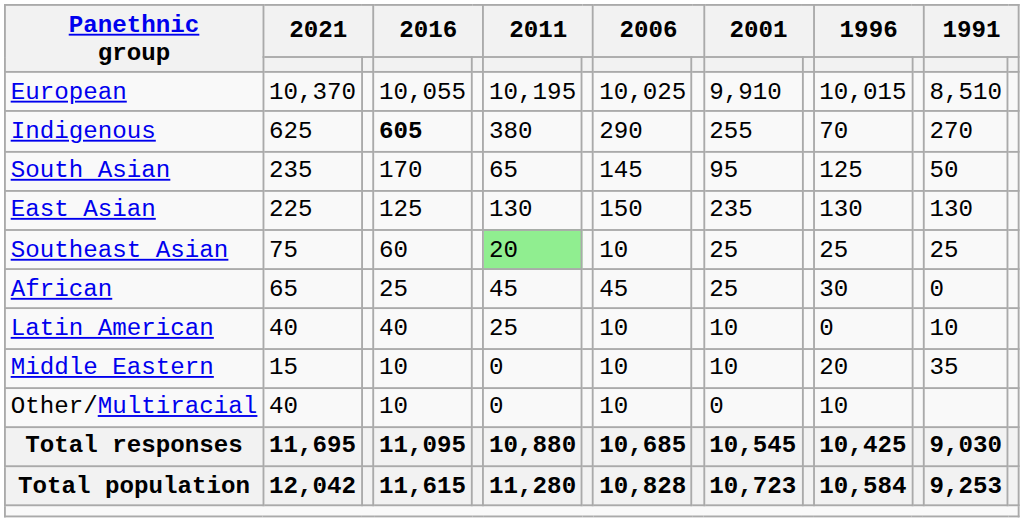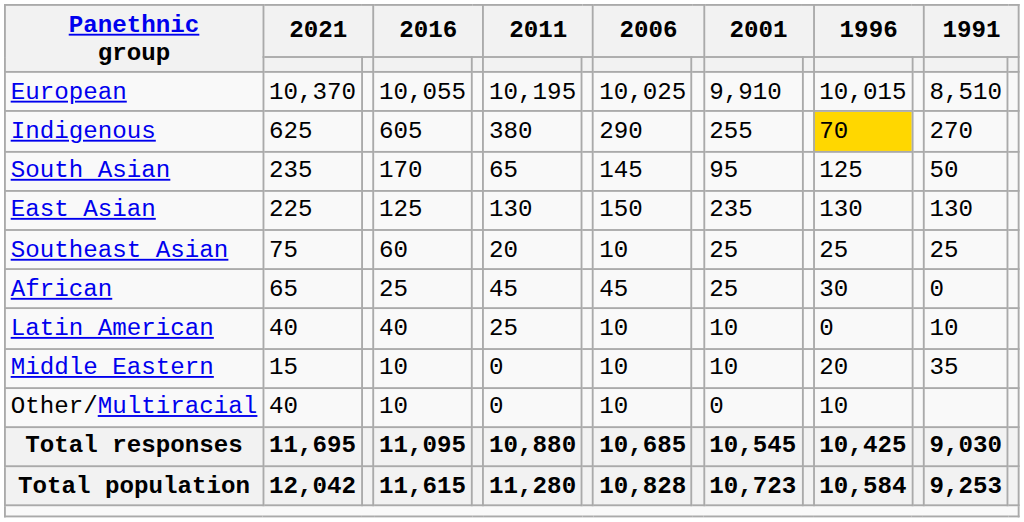 <table class="wikitable collapsible sortable">
 <tr>
 <th rowspan="2"><a href='#'>Panethnic</a><br>group</th>
 <th colspan="2">2021</th>
 <th colspan="2">2016</th>
 <th colspan="2">2011</th>
 <th colspan="2">2006</th>
 <th colspan="2">2001</th>
 <th colspan="2">1996</th>
 <th colspan="2">1991</th>
 </tr>
 <tr>
 <th><a href='#'></a></th>
 <th></th>
 <th></th>
 <th></th>
 <th></th>
 <th></th>
 <th></th>
 <th></th>
 <th></th>
 <th></th>
 <th></th>
 <th></th>
 <th></th>
 <th></th>
 </tr>
 <tr>
 <td><a href='#'>European</a></td>
 <td>10,370</td>
 <td></td>
 <td>10,055</td>
 <td></td>
 <td>10,195</td>
 <td></td>
 <td>10,025</td>
 <td></td>
 <td>9,910</td>
 <td></td>
 <td>10,015</td>
 <td></td>
 <td>8,510</td>
 <td></td>
 </tr>
 <tr>
 <td><a href='#'>Indigenous</a></td>
 <td>625</td>
 <td></td>
-<td><strong>605</strong></td>
+<td>605</td>
 <td></td>
 <td>380</td>
 <td></td>
 <td>290</td>
 <td></td>
 <td>255</td>
 <td></td>
-<td>70</td>
+<td style="background: gold;">70</td>
 <td></td>
 <td>270</td>
 <td></td>
 </tr>
 <tr>
 <td><a href='#'>South Asian</a></td>
 <td>235</td>
 <td></td>
 <td>170</td>
 <td></td>
 <td>65</td>
 <td></td>
 <td>145</td>
 <td></td>
 <td>95</td>
 <td></td>
 <td>125</td>
 <td></td>
 <td>50</td>
 <td></td>
 </tr>
 <tr>
 <td><a href='#'>East Asian</a></td>
 <td>225</td>
 <td></td>
 <td>125</td>
 <td></td>
 <td>130</td>
 <td></td>
 <td>150</td>
 <td></td>
 <td>235</td>
 <td></td>
 <td>130</td>
 <td></td>
 <td>130</td>
 <td></td>
 </tr>
 <tr>
 <td><a href='#'>Southeast Asian</a></td>
 <td>75</td>
 <td></td>
 <td>60</td>
 <td></td>
-<td style="background: lightgreen;">20</td>
+<td>20</td>
 <td></td>
 <td>10</td>
 <td></td>
 <td>25</td>
 <td></td>
 <td>25</td>
 <td></td>
 <td>25</td>
 <td></td>
 </tr>
 <tr>
 <td><a href='#'>African</a></td>
 <td>65</td>
 <td></td>
 <td>25</td>
 <td></td>
 <td>45</td>
 <td></td>
 <td>45</td>
 <td></td>
 <td>25</td>
 <td></td>
 <td>30</td>
 <td></td>
 <td>0</td>
 <td></td>
 </tr>
 <tr>
 <td><a href='#'>Latin American</a></td>
 <td>40</td>
 <td></td>
 <td>40</td>
 <td></td>
 <td>25</td>
 <td></td>
 <td>10</td>
 <td></td>
 <td>10</td>
 <td></td>
 <td>0</td>
 <td></td>
 <td>10</td>
 <td></td>
 </tr>
 <tr>
 <td><a href='#'>Middle Eastern</a></td>
 <td>15</td>
 <td></td>
 <td>10</td>
 <td></td>
 <td>0</td>
 <td></td>
 <td>10</td>
 <td></td>
 <td>10</td>
 <td></td>
 <td>20</td>
 <td></td>
 <td>35</td>
 <td></td>
 </tr>
 <tr>
 <td>Other/<a href='#'>Multiracial</a></td>
 <td>40</td>
 <td></td>
 <td>10</td>
 <td></td>
 <td>0</td>
 <td></td>
 <td>10</td>
 <td></td>
 <td>0</td>
 <td></td>
 <td>10</td>
 <td></td>
 <td></td>
 <td></td>
 </tr>
 <tr>
 <th>Total responses</th>
 <th>11,695</th>
 <th></th>
 <th>11,095</th>
 <th></th>
 <th>10,880</th>
 <th></th>
 <th>10,685</th>
 <th></th>
 <th>10,545</th>
 <th></th>
 <th>10,425</th>
 <th></th>
 <th>9,030</th>
 <th></th>
 </tr>
 <tr>
 <th>Total population</th>
 <th>12,042</th>
 <th></th>
 <th>11,615</th>
 <th></th>
 <th>11,280</th>
 <th></th>
 <th>10,828</th>
 <th></th>
 <th>10,723</th>
 <th></th>
 <th>10,584</th>
 <th></th>
 <th>9,253</th>
 <th></th>
 </tr>
 <tr class="sortbottom">
 <td colspan="15"></td>
 </tr>
 </table>
